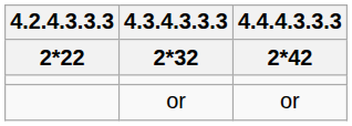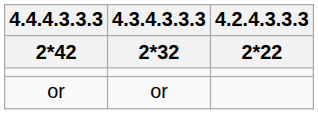 <table class=wikitable>
 <tr>
+<th>4.4.4.3.3.3</th>
+<th>4.3.4.3.3.3</th>
 <th>4.2.4.3.3.3</th>
-<th>4.3.4.3.3.3</th>
-<th>4.4.4.3.3.3</th>
 </tr>
 <tr>
+<th>2*42</th>
+<th>2*32</th>
 <th>2*22</th>
-<th>2*32</th>
-<th>2*42</th>
 </tr>
 <tr>
 <td></td>
 <td></td>
 <td></td>
 </tr>
 <tr align=center>
-<td></td>
 <td> or </td>
 <td> or </td>
+<td></td>
 </tr>
 </table>
